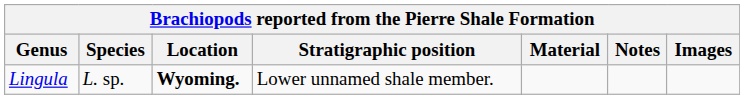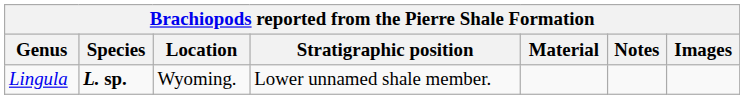 <table class="wikitable" align="center" width="100%">
 <tr>
 <th colspan="7" align="center"><strong><a href='#'>Brachiopods</a> reported from the Pierre Shale Formation</strong></th>
 </tr>
 <tr>
 <th>Genus</th>
 <th>Species</th>
 <th>Location</th>
 <th><strong>Stratigraphic position</strong></th>
 <th><strong>Material</strong></th>
 <th>Notes</th>
 <th>Images</th>
 </tr>
 <tr>
 <td><em><a href='#'>Lingula</a></em></td>
-<td><em>L.</em> sp.</td>
-<td><strong>Wyoming.</strong></td>
+<td><strong><em>L.</em> sp.</strong></td>
+<td>Wyoming.</td>
 <td>Lower unnamed shale member.</td>
 <td></td>
 <td></td>
 <td></td>
 </tr>
 </table>
